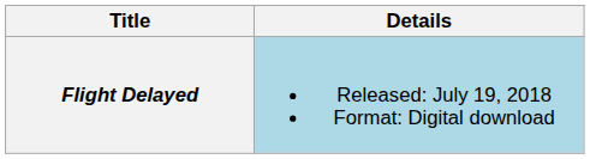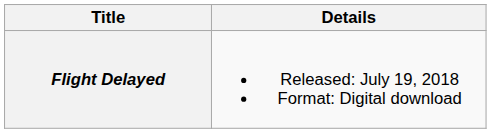 <table class="wikitable plainrowheaders" style="text-align:center;">
 <tr>
 <th scope="col" style="width:12em;">Title</th>
 <th scope="col" style="width:16em;">Details</th>
 </tr>
 <tr>
 <th scope="row"><em>Flight Delayed</em></th>
-<td style="background: lightblue;"><br><ul><li>Released: July 19, 2018</li><li>Format: Digital download</li></ul></td>
+<td><br><ul><li>Released: July 19, 2018</li><li>Format: Digital download</li></ul></td>
 </tr>
 </table>
